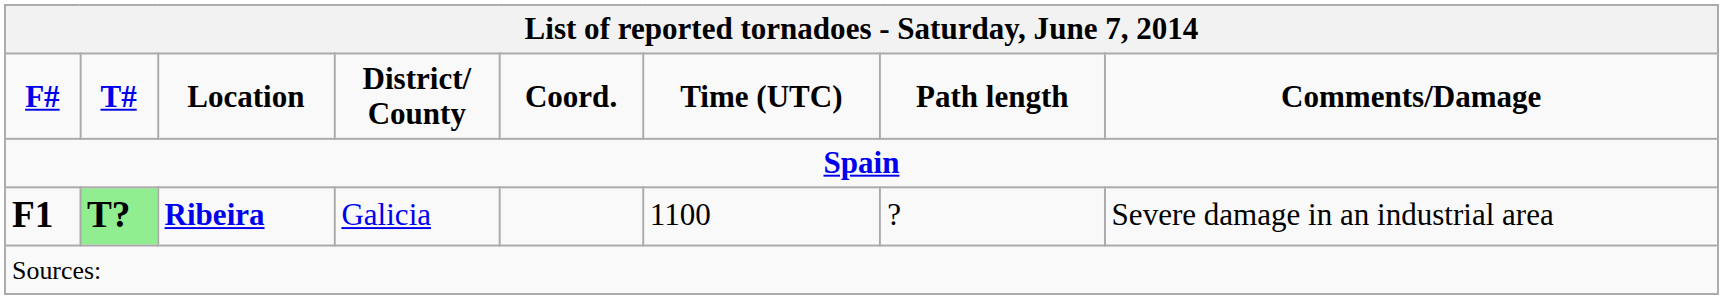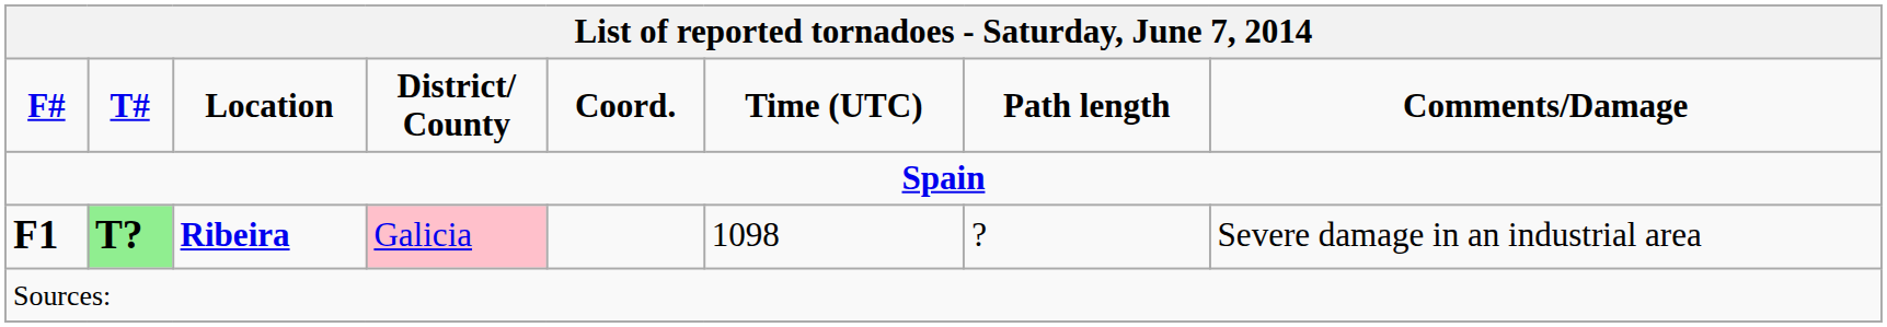 <table class="wikitable collapsible" width="100%">
 <tr>
 <th colspan="8">List of reported tornadoes - Saturday, June 7, 2014</th>
 </tr>
 <tr>
 <td style="text-align: center;"><strong><a href='#'>F#</a></strong></td>
 <td style="text-align: center;"><strong><a href='#'>T#</a></strong></td>
 <td style="text-align: center;"><strong>Location</strong></td>
 <td style="text-align: center;"><strong>District/<br>County</strong></td>
 <td style="text-align: center;"><strong>Coord.</strong></td>
 <td style="text-align: center;"><strong>Time (UTC)</strong></td>
 <td style="text-align: center;"><strong>Path length</strong></td>
 <td style="text-align: center;"><strong>Comments/Damage</strong></td>
 </tr>
 <tr>
 <td colspan="8" align=center><strong><a href='#'>Spain</a></strong></td>
 </tr>
 <tr>
 <td><big><strong>F1</strong></big></td>
 <td style="background: lightgreen;"><big><strong>T?</strong></big></td>
 <td><strong><a href='#'>Ribeira</a></strong></td>
-<td><a href='#'>Galicia</a></td>
+<td style="background: pink;"><a href='#'>Galicia</a></td>
 <td></td>
-<td>1100</td>
+<td>1098</td>
 <td>?</td>
 <td>Severe damage in an industrial area</td>
 </tr>
 <tr>
 <td colspan="8"><small>Sources:</small></td>
 </tr>
 <tr>
 </tr>
 </table>
